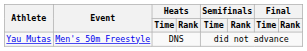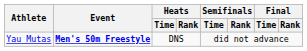 <table class=wikitable style="font-size:90%">
 <tr>
 <th rowspan="2">Athlete</th>
 <th rowspan="2">Event</th>
 <th colspan="2">Heats</th>
 <th colspan="2">Semifinals</th>
 <th colspan="2">Final</th>
 </tr>
 <tr>
 <th>Time</th>
 <th>Rank</th>
 <th>Time</th>
 <th>Rank</th>
 <th>Time</th>
 <th>Rank</th>
 </tr>
 <tr>
 <td rowspan="1"><a href='#'>Yau Mutas</a></td>
-<td><a href='#'>Men's 50m Freestyle</a></td>
+<td><strong><a href='#'>Men's 50m Freestyle</a></strong></td>
 <td align=center colspan=2>DNS</td>
 <td align=center colspan=4>did not advance</td>
 </tr>
 </table>
